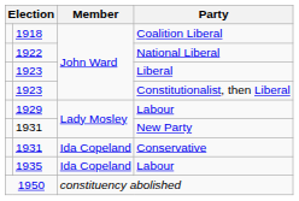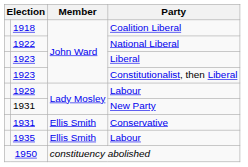 <table class="wikitable">
 <tr>
 <th colspan="2">Election</th>
 <th>Member</th>
 <th>Party</th>
 </tr>
 <tr>
 <td style="color:inherit;background-color: "></td>
 <td><a href='#'>1918</a></td>
 <td rowspan="4"><a href='#'>John Ward</a></td>
 <td><a href='#'>Coalition Liberal</a></td>
 </tr>
 <tr>
 <td style="color:inherit;background-color: "></td>
 <td><a href='#'>1922</a></td>
 <td><a href='#'>National Liberal</a></td>
 </tr>
 <tr>
 <td style="color:inherit;background-color: "></td>
 <td><a href='#'>1923</a></td>
 <td><a href='#'>Liberal</a></td>
 </tr>
 <tr>
 <td style="color:inherit;background-color: "></td>
 <td><a href='#'>1923</a></td>
 <td><a href='#'>Constitutionalist</a>, then <a href='#'>Liberal</a></td>
 </tr>
 <tr>
 <td style="color:inherit;background-color: "></td>
 <td><a href='#'>1929</a></td>
 <td rowspan="2"><a href='#'>Lady Mosley</a></td>
 <td><a href='#'>Labour</a></td>
 </tr>
 <tr>
 <td style="color:inherit;background-color: "></td>
 <td>1931</td>
 <td><a href='#'>New Party</a></td>
 </tr>
 <tr>
 <td style="color:inherit;background-color: "></td>
 <td><a href='#'>1931</a></td>
-<td><a href='#'>Ida Copeland</a></td>
+<td><a href='#'>Ellis Smith</a></td>
 <td><a href='#'>Conservative</a></td>
 </tr>
 <tr>
 <td style="color:inherit;background-color: "></td>
 <td><a href='#'>1935</a></td>
-<td><a href='#'>Ida Copeland</a></td>
+<td><a href='#'>Ellis Smith</a></td>
 <td><a href='#'>Labour</a></td>
 </tr>
 <tr>
 <td colspan="2" align="center"><a href='#'>1950</a></td>
 <td colspan="2"><em>constituency abolished</em></td>
 </tr>
 </table>
